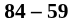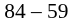 <table style="text-align:center;">
 <tr>
 <th width=200></th>
 <th width=100></th>
 <th width=200></th>
 <th></th>
 </tr>
 <tr>
 <td align=right><strong></strong></td>
-<td><strong>84 – 59</strong></td>
+<td>84 – 59</td>
 <td align=left></td>
 </tr>
 </table>
